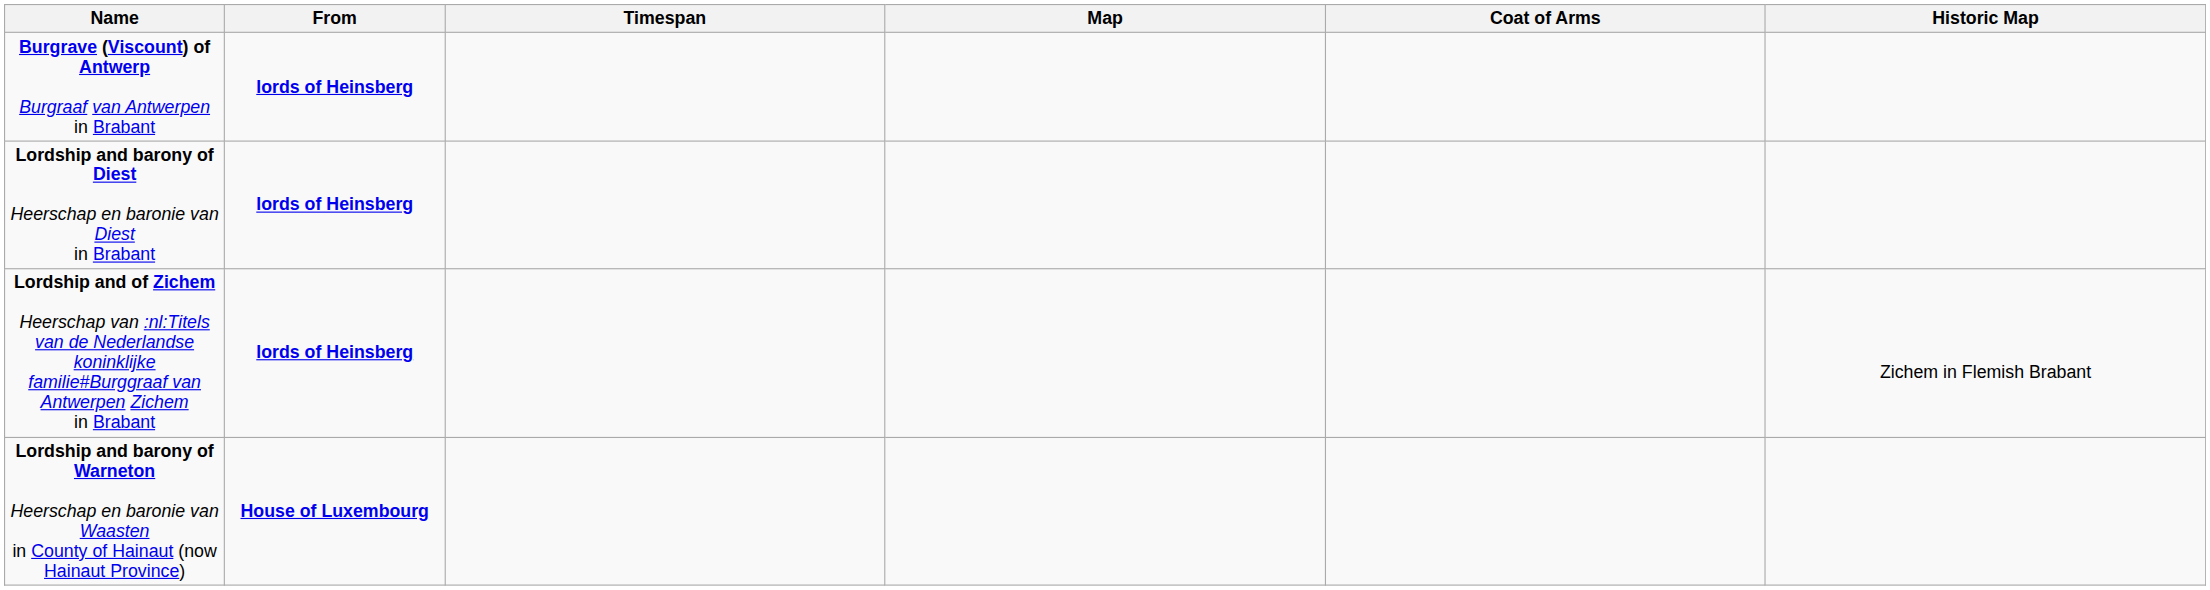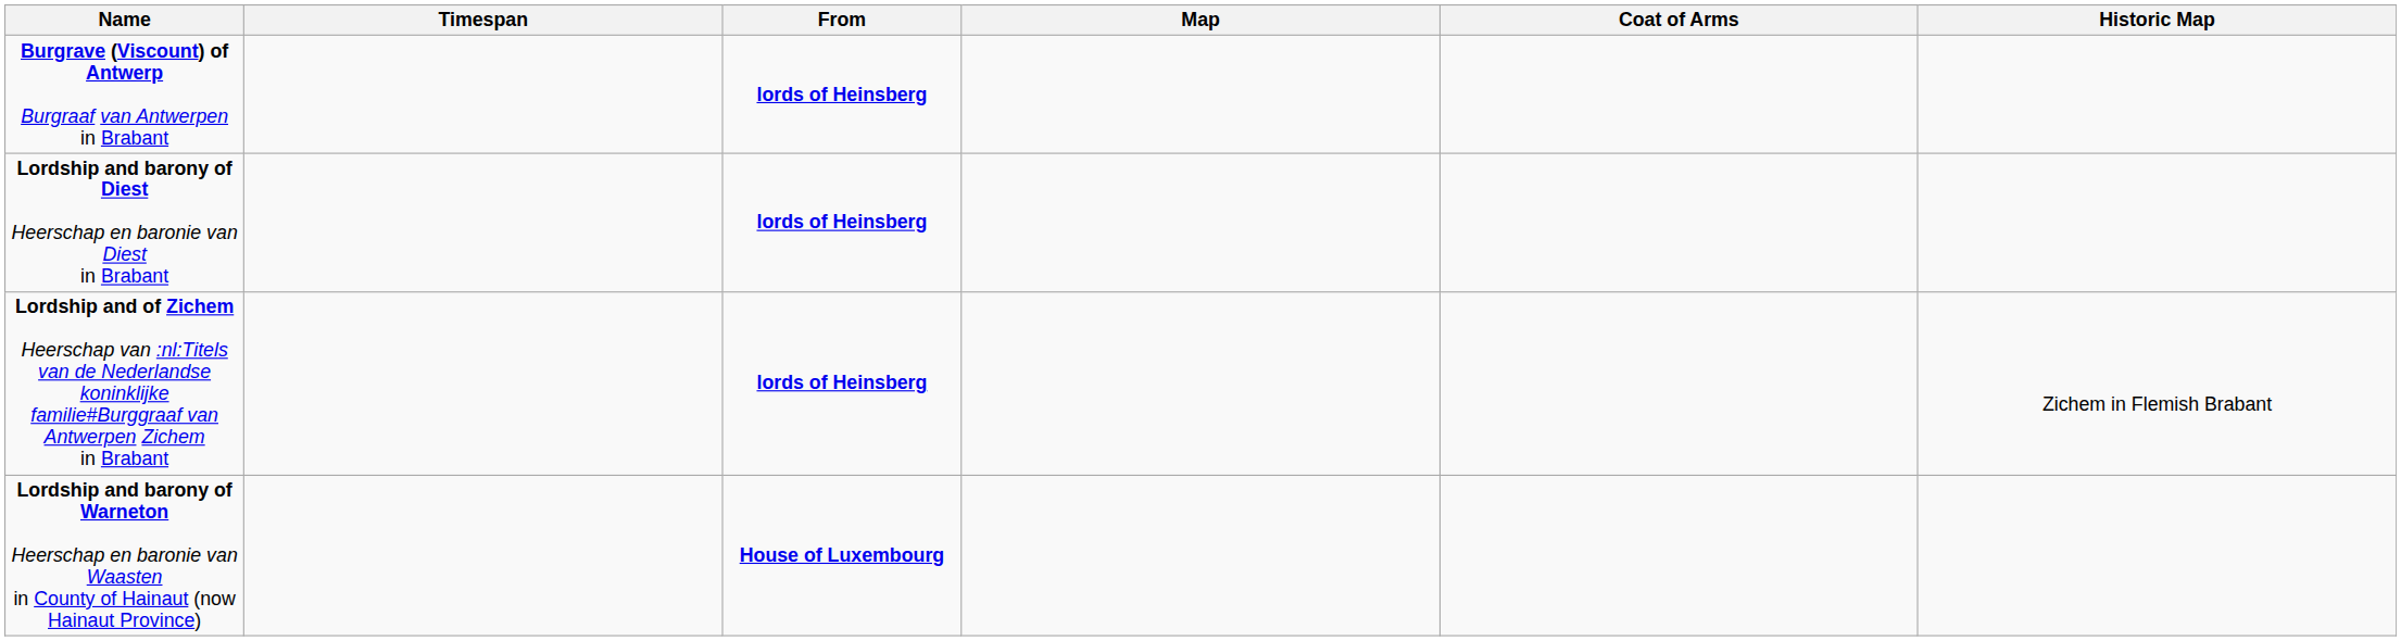 <table class="wikitable" style="text-align:center; width:100%">
 <tr>
 <th width=10%>Name</th>
+<th width=20%>Timespan</th>
 <th width=10%>From</th>
-<th width=20%>Timespan</th>
 <th width=20%>Map</th>
 <th width=20%>Coat of Arms</th>
 <th width=20%>Historic Map</th>
 </tr>
 <tr>
 <td><strong><a href='#'>Burgrave</a> (<a href='#'>Viscount</a>) of <a href='#'>Antwerp</a></strong><br><br><em><a href='#'>Burgraaf</a> <a href='#'>van Antwerpen</a></em><br>in <a href='#'>Brabant</a></td>
+<td></td>
 <td><strong><a href='#'>lords of Heinsberg</a></strong></td>
-<td></td>
 <td></td>
 <td><br></td>
 <td><br><br> </td>
 </tr>
 <tr>
 <td><strong>Lordship and barony of <a href='#'>Diest</a></strong><br><br><em>Heerschap en baronie van <a href='#'>Diest</a></em><br> in <a href='#'>Brabant</a></td>
+<td></td>
 <td><strong><a href='#'>lords of Heinsberg</a></strong></td>
-<td></td>
 <td></td>
 <td><br><br></td>
 <td></td>
 </tr>
 <tr>
 <td><strong>Lordship and of <a href='#'>Zichem</a></strong><br><br><em>Heerschap van <a href='#'>:nl:Titels van de Nederlandse koninklijke familie#Burggraaf van Antwerpen</a> <a href='#'>Zichem</a></em><br> in <a href='#'>Brabant</a></td>
+<td></td>
 <td><strong><a href='#'>lords of Heinsberg</a></strong></td>
-<td></td>
 <td></td>
 <td><br><br></td>
 <td><br><br>Zichem in Flemish Brabant</td>
 </tr>
 <tr>
 <td><strong>Lordship and barony of <a href='#'>Warneton</a></strong><br><br><em>Heerschap en baronie van <a href='#'>Waasten</a></em><br> in <a href='#'>County of Hainaut</a> (now <a href='#'>Hainaut Province</a>)</td>
+<td></td>
 <td><strong><a href='#'>House of Luxembourg</a></strong></td>
-<td></td>
 <td></td>
 <td><br><br></td>
 <td></td>
 </tr>
 </table>
